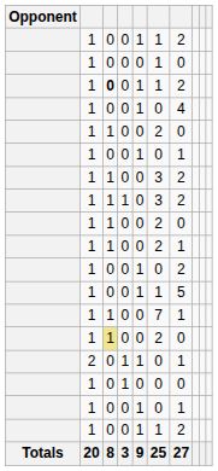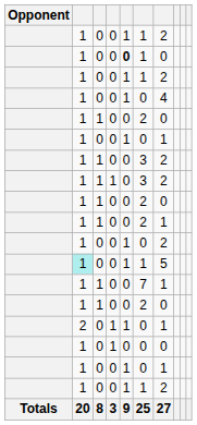 <table class="wikitable plainrowheaders sortable" style="text-align:center">
 <tr>
 <th scope=col>Opponent</th>
 <th scope=col></th>
 <th scope=col></th>
 <th scope=col></th>
 <th scope=col></th>
 <th scope=col></th>
 <th scope=col></th>
 <th scope=col></th>
 <th scope=col></th>
 <th scope=col></th>
 </tr>
 <tr>
 <th scope=row style="text-align:left;"></th>
 <td>1</td>
 <td>0</td>
 <td>0</td>
 <td>1</td>
 <td>1</td>
 <td>2</td>
 <td></td>
 <td></td>
 <td></td>
 </tr>
 <tr>
 <th scope=row style="text-align:left;"></th>
 <td>1</td>
 <td>0</td>
 <td>0</td>
-<td>0</td>
+<td><strong>0</strong></td>
 <td>1</td>
 <td>0</td>
 <td></td>
 <td></td>
 <td></td>
 </tr>
 <tr>
 <th scope=row style="text-align:left;"></th>
 <td>1</td>
-<td><strong>0</strong></td>
+<td>0</td>
 <td>0</td>
 <td>1</td>
 <td>1</td>
 <td>2</td>
 <td></td>
 <td></td>
 <td></td>
 </tr>
 <tr>
 <th scope=row style="text-align:left;"></th>
 <td>1</td>
 <td>0</td>
 <td>0</td>
 <td>1</td>
 <td>0</td>
 <td>4</td>
 <td></td>
 <td></td>
 <td></td>
 </tr>
 <tr>
 <th scope=row style="text-align:left;"></th>
 <td>1</td>
 <td>1</td>
 <td>0</td>
 <td>0</td>
 <td>2</td>
 <td>0</td>
 <td></td>
 <td></td>
 <td></td>
 </tr>
 <tr>
 <th scope=row style="text-align:left;"></th>
 <td>1</td>
 <td>0</td>
 <td>0</td>
 <td>1</td>
 <td>0</td>
 <td>1</td>
 <td></td>
 <td></td>
 <td></td>
 </tr>
 <tr>
 <th scope=row style="text-align:left;"></th>
 <td>1</td>
 <td>1</td>
 <td>0</td>
 <td>0</td>
 <td>3</td>
 <td>2</td>
 <td></td>
 <td></td>
 <td></td>
 </tr>
 <tr>
 <th scope=row style="text-align:left;"></th>
 <td>1</td>
 <td>1</td>
 <td>1</td>
 <td>0</td>
 <td>3</td>
 <td>2</td>
 <td></td>
 <td></td>
 <td></td>
 </tr>
 <tr>
 <th scope=row style="text-align:left;"></th>
 <td>1</td>
 <td>1</td>
 <td>0</td>
 <td>0</td>
 <td>2</td>
 <td>0</td>
 <td></td>
 <td></td>
 <td></td>
 </tr>
 <tr>
 <th scope=row style="text-align:left;"></th>
 <td>1</td>
 <td>1</td>
 <td>0</td>
 <td>0</td>
 <td>2</td>
 <td>1</td>
 <td></td>
 <td></td>
 <td></td>
 </tr>
 <tr>
 <th scope=row style="text-align:left;"></th>
 <td>1</td>
 <td>0</td>
 <td>0</td>
 <td>1</td>
 <td>0</td>
 <td>2</td>
 <td></td>
 <td></td>
 <td></td>
 </tr>
 <tr>
 <th scope=row style="text-align:left;"></th>
-<td>1</td>
+<td style="background: paleturquoise;">1</td>
 <td>0</td>
 <td>0</td>
 <td>1</td>
 <td>1</td>
 <td>5</td>
 <td></td>
 <td></td>
 <td></td>
 </tr>
 <tr>
 <th scope=row style="text-align:left;"></th>
 <td>1</td>
 <td>1</td>
 <td>0</td>
 <td>0</td>
 <td>7</td>
 <td>1</td>
 <td></td>
 <td></td>
 <td></td>
 </tr>
 <tr>
 <th scope=row style="text-align:left;"></th>
 <td>1</td>
-<td style="background: khaki;">1</td>
+<td>1</td>
 <td>0</td>
 <td>0</td>
 <td>2</td>
 <td>0</td>
 <td></td>
 <td></td>
 <td></td>
 </tr>
 <tr>
 <th scope=row style="text-align:left;"></th>
 <td>2</td>
 <td>0</td>
 <td>1</td>
 <td>1</td>
 <td>0</td>
 <td>1</td>
 <td></td>
 <td></td>
 <td></td>
 </tr>
 <tr>
 <th scope=row style="text-align:left;"></th>
 <td>1</td>
 <td>0</td>
 <td>1</td>
 <td>0</td>
 <td>0</td>
 <td>0</td>
 <td></td>
 <td></td>
 <td></td>
 </tr>
 <tr>
 <th scope=row style="text-align:left;"></th>
 <td>1</td>
 <td>0</td>
 <td>0</td>
 <td>1</td>
 <td>0</td>
 <td>1</td>
 <td></td>
 <td></td>
 <td></td>
 </tr>
 <tr>
 <th scope=row style="text-align:left;"></th>
 <td>1</td>
 <td>0</td>
 <td>0</td>
 <td>1</td>
 <td>1</td>
 <td>2</td>
 <td></td>
 <td></td>
 <td></td>
 </tr>
 <tr class="sortbottom">
 <th>Totals</th>
 <th>20</th>
 <th>8</th>
 <th>3</th>
 <th>9</th>
 <th>25</th>
 <th>27</th>
 <th></th>
 <th></th>
 <th></th>
 </tr>
 </table>
